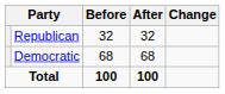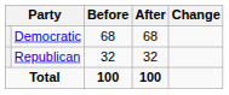 <table class="wikitable" style="text-align:center;">
 <tr>
 <th colspan="2">Party</th>
 <th>Before</th>
 <th>After</th>
 <th>Change</th>
 </tr>
 <tr>
 <th style="background-color:"></th>
-<td style="text-align:left;"><a href='#'>Republican</a></td>
-<td>32</td>
-<td>32</td>
+<td style="text-align:left;"><a href='#'>Democratic</a></td>
+<td>68</td>
+<td>68</td>
 <td></td>
 </tr>
 <tr>
 <th style="background-color:"></th>
-<td style="text-align:left;"><a href='#'>Democratic</a></td>
-<td>68</td>
-<td>68</td>
+<td style="text-align:left;"><a href='#'>Republican</a></td>
+<td>32</td>
+<td>32</td>
 <td></td>
 </tr>
 <tr>
 <td colspan="2"><strong>Total</strong></td>
 <td><strong>100</strong></td>
 <td><strong>100</strong></td>
 <td></td>
 </tr>
 </table>
